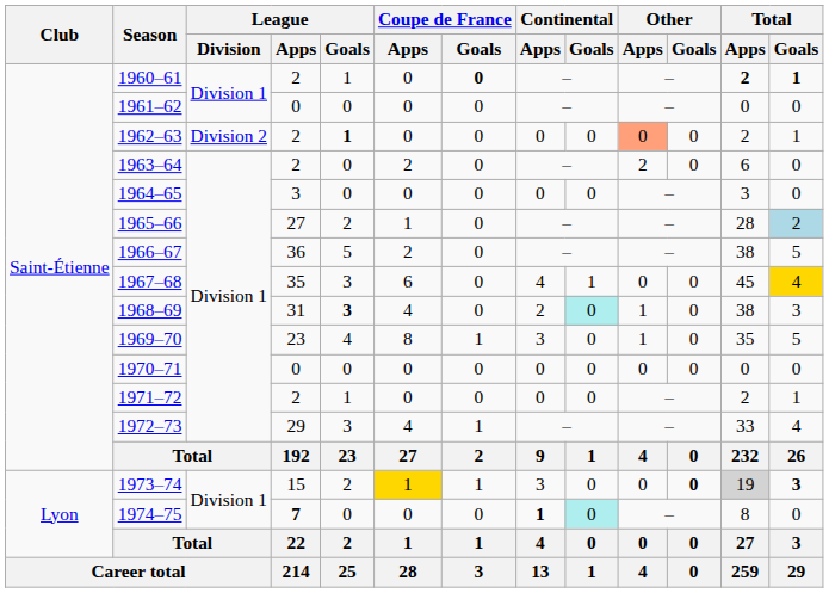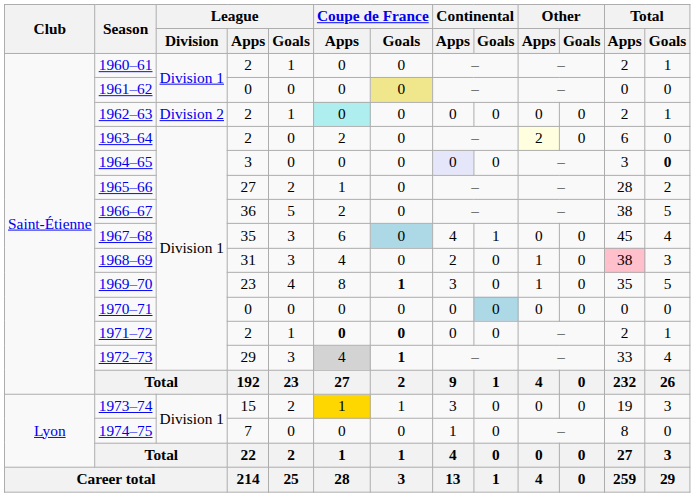 <table class="wikitable" style="text-align: center;">
 <tr>
 <th rowspan="2">Club</th>
 <th rowspan="2">Season</th>
 <th colspan="3">League</th>
 <th colspan="2"><a href='#'>Coupe de France</a></th>
 <th colspan="2">Continental</th>
 <th colspan="2">Other</th>
 <th colspan="2">Total</th>
 </tr>
 <tr>
 <th>Division</th>
 <th>Apps</th>
 <th>Goals</th>
 <th>Apps</th>
 <th>Goals</th>
 <th>Apps</th>
 <th>Goals</th>
 <th>Apps</th>
 <th>Goals</th>
 <th>Apps</th>
 <th>Goals</th>
 </tr>
 <tr>
 <td rowspan="14"><a href='#'>Saint-Étienne</a></td>
 <td><a href='#'>1960–61</a></td>
 <td rowspan="2"><a href='#'>Division 1</a></td>
 <td>2</td>
 <td>1</td>
 <td>0</td>
-<td><strong>0</strong></td>
+<td>0</td>
 <td colspan="2">–</td>
 <td colspan="2">–</td>
-<td><strong>2</strong></td>
-<td><strong>1</strong></td>
+<td>2</td>
+<td>1</td>
 </tr>
 <tr>
 <td><a href='#'>1961–62</a></td>
 <td>0</td>
 <td>0</td>
 <td>0</td>
-<td>0</td>
+<td style="background: khaki;">0</td>
 <td colspan="2">–</td>
 <td colspan="2">–</td>
 <td>0</td>
 <td>0</td>
 </tr>
 <tr>
 <td><a href='#'>1962–63</a></td>
 <td><a href='#'>Division 2</a></td>
 <td>2</td>
-<td><strong>1</strong></td>
+<td>1</td>
+<td style="background: paleturquoise;">0</td>
 <td>0</td>
 <td>0</td>
 <td>0</td>
 <td>0</td>
-<td style="background: lightsalmon;">0</td>
 <td>0</td>
 <td>2</td>
 <td>1</td>
 </tr>
 <tr>
 <td><a href='#'>1963–64</a></td>
 <td rowspan="10">Division 1</td>
 <td>2</td>
 <td>0</td>
 <td>2</td>
 <td>0</td>
 <td colspan="2">–</td>
-<td>2</td>
+<td style="background: lightyellow;">2</td>
 <td>0</td>
 <td>6</td>
 <td>0</td>
 </tr>
 <tr>
 <td><a href='#'>1964–65</a></td>
 <td>3</td>
 <td>0</td>
 <td>0</td>
 <td>0</td>
-<td>0</td>
+<td style="background: lavender;">0</td>
 <td>0</td>
 <td colspan="2">–</td>
 <td>3</td>
-<td>0</td>
+<td><strong>0</strong></td>
 </tr>
 <tr>
 <td><a href='#'>1965–66</a></td>
 <td>27</td>
 <td>2</td>
 <td>1</td>
 <td>0</td>
 <td colspan="2">–</td>
 <td colspan="2">–</td>
 <td>28</td>
-<td style="background: lightblue;">2</td>
+<td>2</td>
 </tr>
 <tr>
 <td><a href='#'>1966–67</a></td>
 <td>36</td>
 <td>5</td>
 <td>2</td>
 <td>0</td>
 <td colspan="2">–</td>
 <td colspan="2">–</td>
 <td>38</td>
 <td>5</td>
 </tr>
 <tr>
 <td><a href='#'>1967–68</a></td>
 <td>35</td>
 <td>3</td>
 <td>6</td>
-<td>0</td>
+<td style="background: lightblue;">0</td>
 <td>4</td>
 <td>1</td>
 <td>0</td>
 <td>0</td>
 <td>45</td>
-<td style="background: gold;">4</td>
+<td>4</td>
 </tr>
 <tr>
 <td><a href='#'>1968–69</a></td>
 <td>31</td>
-<td><strong>3</strong></td>
+<td>3</td>
 <td>4</td>
 <td>0</td>
 <td>2</td>
-<td style="background: paleturquoise;">0</td>
+<td>0</td>
 <td>1</td>
 <td>0</td>
-<td>38</td>
+<td style="background: pink;">38</td>
 <td>3</td>
 </tr>
 <tr>
 <td><a href='#'>1969–70</a></td>
 <td>23</td>
 <td>4</td>
 <td>8</td>
-<td>1</td>
+<td><strong>1</strong></td>
 <td>3</td>
 <td>0</td>
 <td>1</td>
 <td>0</td>
 <td>35</td>
 <td>5</td>
 </tr>
 <tr>
 <td><a href='#'>1970–71</a></td>
 <td>0</td>
 <td>0</td>
 <td>0</td>
 <td>0</td>
 <td>0</td>
-<td>0</td>
+<td style="background: lightblue;">0</td>
 <td>0</td>
 <td>0</td>
 <td>0</td>
 <td>0</td>
 </tr>
 <tr>
 <td><a href='#'>1971–72</a></td>
 <td>2</td>
 <td>1</td>
-<td>0</td>
-<td>0</td>
+<td><strong>0</strong></td>
+<td><strong>0</strong></td>
 <td>0</td>
 <td>0</td>
 <td colspan="2">–</td>
 <td>2</td>
 <td>1</td>
 </tr>
 <tr>
 <td><a href='#'>1972–73</a></td>
 <td>29</td>
 <td>3</td>
-<td>4</td>
-<td>1</td>
+<td style="background: lightgrey;">4</td>
+<td><strong>1</strong></td>
 <td colspan="2">–</td>
 <td colspan="2">–</td>
 <td>33</td>
 <td>4</td>
 </tr>
 <tr>
 <th colspan="2">Total</th>
 <th>192</th>
 <th>23</th>
 <th>27</th>
 <th>2</th>
 <th>9</th>
 <th>1</th>
 <th>4</th>
 <th>0</th>
 <th>232</th>
 <th>26</th>
 </tr>
 <tr>
 <td rowspan="3"><a href='#'>Lyon</a></td>
 <td><a href='#'>1973–74</a></td>
 <td rowspan="2">Division 1</td>
 <td>15</td>
 <td>2</td>
 <td style="background: gold;">1</td>
 <td>1</td>
 <td>3</td>
 <td>0</td>
 <td>0</td>
-<td><strong>0</strong></td>
-<td style="background: lightgrey;">19</td>
-<td><strong>3</strong></td>
+<td>0</td>
+<td>19</td>
+<td>3</td>
 </tr>
 <tr>
 <td><a href='#'>1974–75</a></td>
-<td><strong>7</strong></td>
+<td>7</td>
 <td>0</td>
 <td>0</td>
 <td>0</td>
-<td><strong>1</strong></td>
-<td style="background: paleturquoise;">0</td>
+<td>1</td>
+<td>0</td>
 <td colspan="2">–</td>
 <td>8</td>
 <td>0</td>
 </tr>
 <tr>
 <th colspan="2">Total</th>
 <th>22</th>
 <th>2</th>
 <th>1</th>
 <th>1</th>
 <th>4</th>
 <th>0</th>
 <th>0</th>
 <th>0</th>
 <th>27</th>
 <th>3</th>
 </tr>
 <tr>
 <th colspan="3">Career total</th>
 <th>214</th>
 <th>25</th>
 <th>28</th>
 <th>3</th>
 <th>13</th>
 <th>1</th>
 <th>4</th>
 <th>0</th>
 <th>259</th>
 <th>29</th>
 </tr>
 </table>
